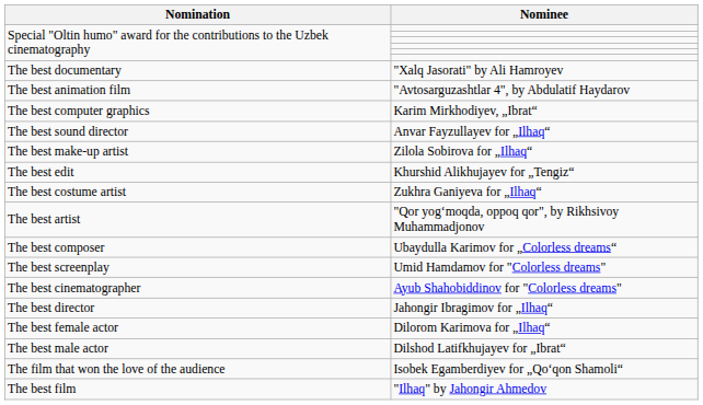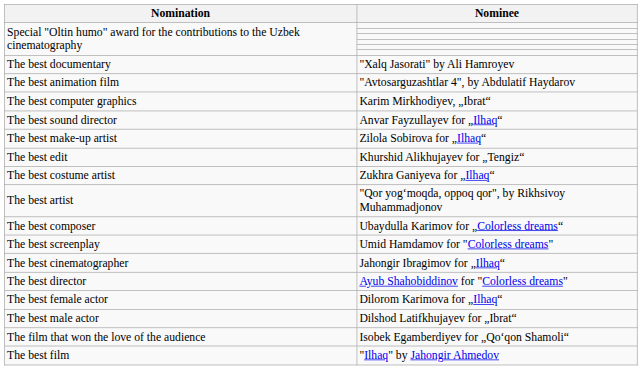 <table class="wikitable">
 <tr>
 <th>Nomination</th>
 <th>Nominee</th>
 </tr>
 <tr>
 <td rowspan="6">Special "Oltin humo" award for the contributions to the Uzbek cinematography</td>
 <td></td>
 </tr>
 <tr>
 <td></td>
 </tr>
 <tr>
 <td></td>
 </tr>
 <tr>
 <td></td>
 </tr>
 <tr>
 <td></td>
 </tr>
 <tr>
 <td></td>
 </tr>
 <tr>
 <td>The best documentary</td>
 <td>"Xalq Jasorati" by Ali Hamroyev</td>
 </tr>
 <tr>
 <td>The best animation film</td>
 <td>"Avtosarguzashtlar 4", by Abdulatif Haydarov</td>
 </tr>
 <tr>
 <td>The best computer graphics</td>
 <td>Karim Mirkhodiyev, „Ibrat“</td>
 </tr>
 <tr>
 <td>The best sound director</td>
 <td>Anvar Fayzullayev for „<a href='#'>Ilhaq</a>“</td>
 </tr>
 <tr>
 <td>The best make-up artist</td>
 <td>Zilola Sobirova for „<a href='#'>Ilhaq</a>“</td>
 </tr>
 <tr>
 <td>The best edit</td>
 <td>Khurshid Alikhujayev for „Tengiz“</td>
 </tr>
 <tr>
 <td>The best costume artist</td>
 <td>Zukhra Ganiyeva for „<a href='#'>Ilhaq</a>“</td>
 </tr>
 <tr>
 <td>The best artist</td>
 <td>"Qor yogʻmoqda, oppoq qor", by Rikhsivoy Muhammadjonov</td>
 </tr>
 <tr>
 <td>The best composer</td>
 <td>Ubaydulla Karimov for „<a href='#'>Colorless dreams</a>“</td>
 </tr>
 <tr>
 <td>The best screenplay</td>
 <td>Umid Hamdamov for "<a href='#'>Colorless dreams</a>"</td>
 </tr>
 <tr>
 <td>The best cinematographer</td>
-<td><a href='#'>Ayub Shahobiddinov</a> for "<a href='#'>Colorless dreams</a>"</td>
+<td>Jahongir Ibragimov for „<a href='#'>Ilhaq</a>“</td>
 </tr>
 <tr>
 <td>The best director</td>
-<td>Jahongir Ibragimov for „<a href='#'>Ilhaq</a>“</td>
+<td><a href='#'>Ayub Shahobiddinov</a> for "<a href='#'>Colorless dreams</a>"</td>
 </tr>
 <tr>
 <td>The best female actor</td>
 <td>Dilorom Karimova for „<a href='#'>Ilhaq</a>“</td>
 </tr>
 <tr>
 <td>The best male actor</td>
 <td>Dilshod Latifkhujayev for „Ibrat“</td>
 </tr>
 <tr>
 <td>The film that won the love of the audience</td>
 <td>Isobek Egamberdiyev for „Qoʻqon Shamoli“</td>
 </tr>
 <tr>
 <td>The best film</td>
 <td>"<a href='#'>Ilhaq</a>" by <a href='#'>Jahongir Ahmedov</a></td>
 </tr>
 </table>
